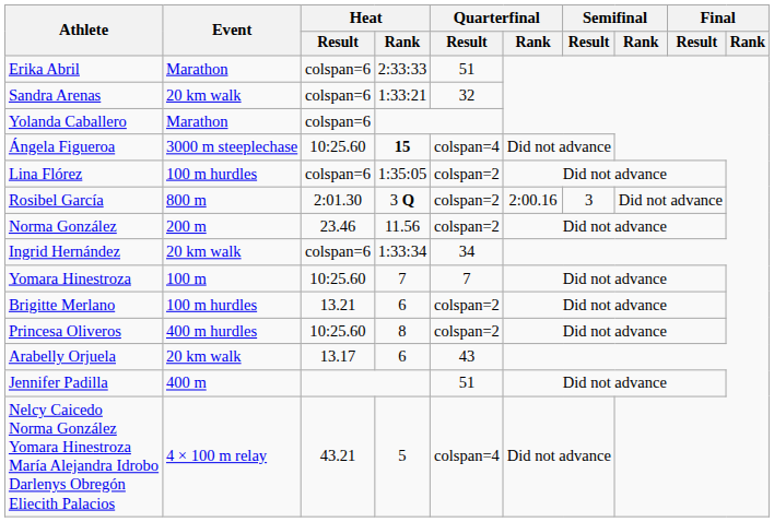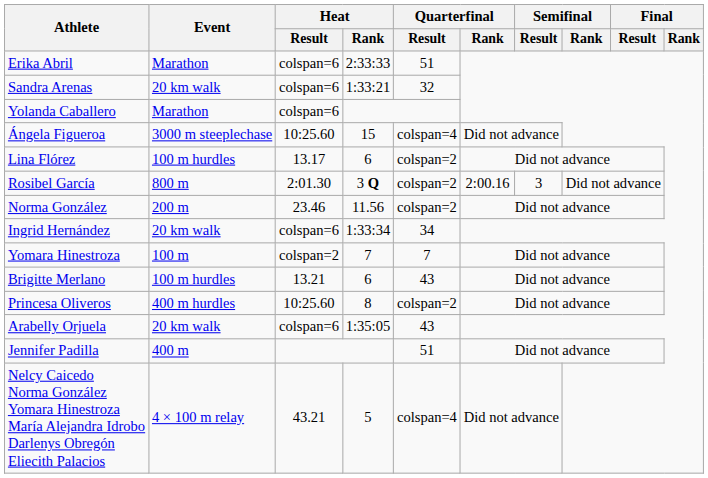 <table class="wikitable" style="font-size:90%">
 <tr>
 <th rowspan="2">Athlete</th>
 <th rowspan="2">Event</th>
 <th colspan="2">Heat</th>
 <th colspan="2">Quarterfinal</th>
 <th colspan="2">Semifinal</th>
 <th colspan="2">Final</th>
 </tr>
 <tr style="font-size:95%">
 <th>Result</th>
 <th>Rank</th>
 <th>Result</th>
 <th>Rank</th>
 <th>Result</th>
 <th>Rank</th>
 <th>Result</th>
 <th>Rank</th>
 </tr>
 <tr align=center>
 <td align=left><a href='#'>Erika Abril</a></td>
 <td align=left><a href='#'>Marathon</a></td>
 <td>colspan=6 </td>
 <td>2:33:33</td>
 <td>51</td>
 </tr>
 <tr align=center>
 <td align=left><a href='#'>Sandra Arenas</a></td>
 <td align=left><a href='#'>20 km walk</a></td>
 <td>colspan=6 </td>
 <td>1:33:21</td>
 <td>32</td>
 </tr>
 <tr align=center>
 <td align=left><a href='#'>Yolanda Caballero</a></td>
 <td align=left><a href='#'>Marathon</a></td>
 <td>colspan=6 </td>
 <td colspan=2></td>
 </tr>
 <tr align=center>
 <td align=left><a href='#'>Ángela Figueroa</a></td>
 <td align=left><a href='#'>3000 m steeplechase</a></td>
 <td>10:25.60</td>
-<td><strong>15</strong></td>
+<td>15</td>
 <td>colspan=4 </td>
 <td colspan=2>Did not advance</td>
 </tr>
 <tr align=center>
 <td align=left><a href='#'>Lina Flórez</a></td>
 <td align=left><a href='#'>100 m hurdles</a></td>
-<td>colspan=6 </td>
-<td>1:35:05</td>
+<td>13.17</td>
+<td>6</td>
 <td>colspan=2 </td>
 <td colspan=4>Did not advance</td>
 </tr>
 <tr align=center>
 <td align=left><a href='#'>Rosibel García</a></td>
 <td align=left><a href='#'>800 m</a></td>
 <td>2:01.30</td>
 <td>3 <strong>Q</strong></td>
 <td>colspan=2 </td>
 <td>2:00.16</td>
 <td>3</td>
 <td colspan=2>Did not advance</td>
 </tr>
 <tr align=center>
 <td align=left><a href='#'>Norma González</a></td>
 <td align=left><a href='#'>200 m</a></td>
 <td>23.46</td>
 <td>11.56</td>
 <td>colspan=2 </td>
 <td colspan=4>Did not advance</td>
 </tr>
 <tr align=center>
 <td align=left><a href='#'>Ingrid Hernández</a></td>
 <td align=left><a href='#'>20 km walk</a></td>
 <td>colspan=6 </td>
 <td>1:33:34</td>
 <td>34</td>
 </tr>
 <tr align=center>
 <td align=left><a href='#'>Yomara Hinestroza</a></td>
 <td align=left><a href='#'>100 m</a></td>
-<td>10:25.60</td>
+<td>colspan=2 </td>
 <td>7</td>
 <td>7</td>
 <td colspan=4>Did not advance</td>
 </tr>
 <tr align=center>
 <td align=left><a href='#'>Brigitte Merlano</a></td>
 <td align=left><a href='#'>100 m hurdles</a></td>
 <td>13.21</td>
 <td>6</td>
-<td>colspan=2 </td>
+<td>43</td>
 <td colspan=4>Did not advance</td>
 </tr>
 <tr align=center>
 <td align=left><a href='#'>Princesa Oliveros</a></td>
 <td align=left><a href='#'>400 m hurdles</a></td>
 <td>10:25.60</td>
 <td>8</td>
 <td>colspan=2 </td>
 <td colspan=4>Did not advance</td>
 </tr>
 <tr align=center>
 <td align=left><a href='#'>Arabelly Orjuela</a></td>
 <td align=left><a href='#'>20 km walk</a></td>
-<td>13.17</td>
-<td>6</td>
+<td>colspan=6 </td>
+<td>1:35:05</td>
 <td>43</td>
 </tr>
 <tr align=center>
 <td align=left><a href='#'>Jennifer Padilla</a></td>
 <td align=left><a href='#'>400 m</a></td>
 <td colspan=2></td>
 <td>51</td>
 <td colspan=4>Did not advance</td>
 </tr>
 <tr align=center>
 <td align=left><a href='#'>Nelcy Caicedo</a><br><a href='#'>Norma González</a><br><a href='#'>Yomara Hinestroza</a><br><a href='#'>María Alejandra Idrobo</a><br><a href='#'>Darlenys Obregón</a><br><a href='#'>Eliecith Palacios</a></td>
 <td align=left><a href='#'>4 × 100 m relay</a></td>
 <td>43.21</td>
 <td>5</td>
 <td>colspan=4 </td>
 <td colspan=2>Did not advance</td>
 </tr>
 </table>
